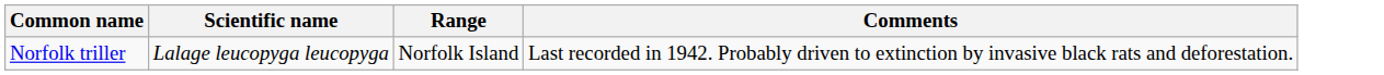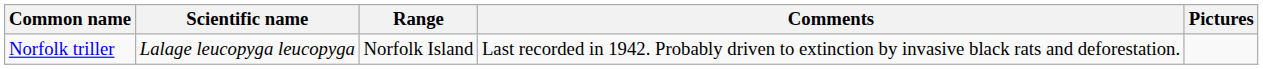 <table class="wikitable">
 <tr>
 <th>Common name</th>
 <th>Scientific name</th>
 <th>Range</th>
 <th class="unsortable">Comments</th>
+<th class="unsortable">Pictures</th>
 </tr>
 <tr>
 <td><a href='#'>Norfolk triller</a></td>
 <td><em>Lalage leucopyga leucopyga</em></td>
 <td>Norfolk Island</td>
 <td>Last recorded in 1942. Probably driven to extinction by invasive black rats and deforestation.</td>
+<td></td>
 </tr>
 </table>
